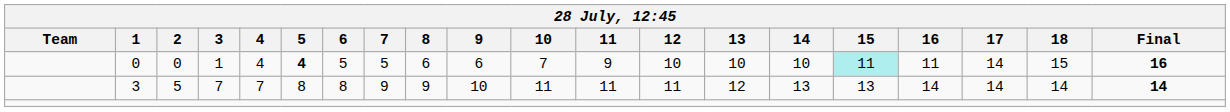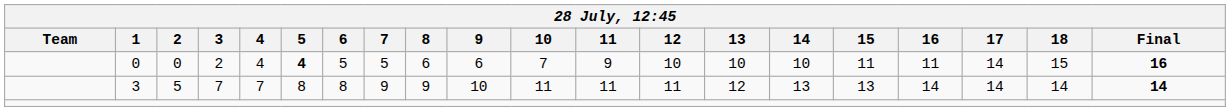 <table class=wikitable style="text-align:center; width: 55%">
 <tr>
 <th colspan=20><em>28 July, 12:45</em></th>
 </tr>
 <tr>
 <th>Team</th>
 <th>1</th>
 <th>2</th>
 <th>3</th>
 <th>4</th>
 <th>5</th>
 <th>6</th>
 <th>7</th>
 <th>8</th>
 <th>9</th>
 <th>10</th>
 <th>11</th>
 <th>12</th>
 <th>13</th>
 <th>14</th>
 <th>15</th>
 <th>16</th>
 <th>17</th>
 <th>18</th>
 <th>Final</th>
 </tr>
 <tr>
 <td align=left><strong></strong></td>
 <td>0</td>
 <td>0</td>
-<td>1</td>
+<td>2</td>
 <td>4</td>
 <td><strong>4</strong></td>
 <td>5</td>
 <td>5</td>
 <td>6</td>
 <td>6</td>
 <td>7</td>
 <td>9</td>
 <td>10</td>
 <td>10</td>
 <td>10</td>
-<td style="background: paleturquoise;">11</td>
+<td>11</td>
 <td>11</td>
 <td>14</td>
 <td>15</td>
 <td><strong>16</strong></td>
 </tr>
 <tr>
 <td align=left></td>
 <td>3</td>
 <td>5</td>
 <td>7</td>
 <td>7</td>
 <td>8</td>
 <td>8</td>
 <td>9</td>
 <td>9</td>
 <td>10</td>
 <td>11</td>
 <td>11</td>
 <td>11</td>
 <td>12</td>
 <td>13</td>
 <td>13</td>
 <td>14</td>
 <td>14</td>
 <td>14</td>
 <td><strong>14</strong></td>
 </tr>
 <tr>
 <td colspan=20></td>
 </tr>
 </table>
